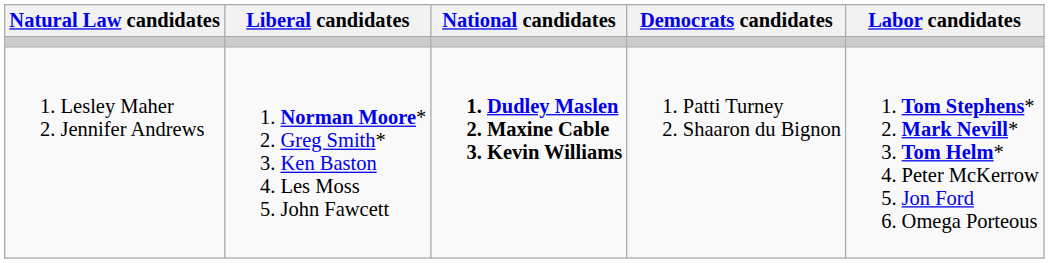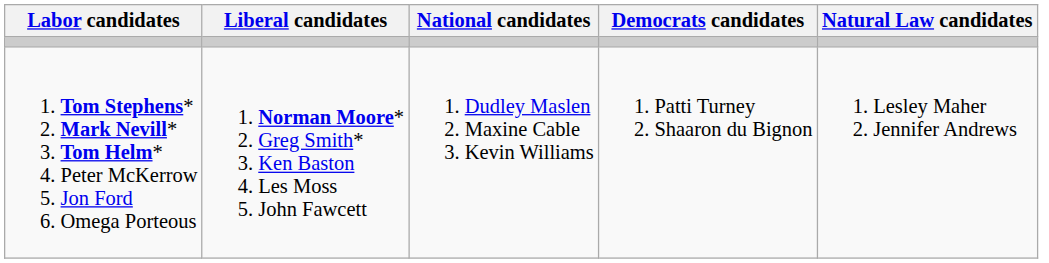 <table class="wikitable">
 <tr>
-<th><a href='#'>Natural Law</a> candidates</th>
+<th><a href='#'>Labor</a> candidates</th>
 <th><a href='#'>Liberal</a> candidates</th>
 <th><a href='#'>National</a> candidates</th>
 <th><a href='#'>Democrats</a> candidates</th>
-<th><a href='#'>Labor</a> candidates</th>
+<th><a href='#'>Natural Law</a> candidates</th>
 </tr>
 <tr bgcolor="#cccccc">
 <td></td>
 <td></td>
 <td></td>
 <td></td>
 <td></td>
 </tr>
 <tr>
+<td><br><ol><li><strong><a href='#'>Tom Stephens</a></strong>*</li><li><strong><a href='#'>Mark Nevill</a></strong>*</li><li><strong><a href='#'>Tom Helm</a></strong>*</li><li>Peter McKerrow</li><li><a href='#'>Jon Ford</a></li><li>Omega Porteous</li></ol></td>
+<td><br><ol><li><strong><a href='#'>Norman Moore</a></strong>*</li><li><a href='#'>Greg Smith</a>*</li><li><a href='#'>Ken Baston</a></li><li>Les Moss</li><li>John Fawcett</li></ol></td>
+<td valign=top><br><ol><li><a href='#'>Dudley Maslen</a></li><li>Maxine Cable</li><li>Kevin Williams</li></ol></td>
+<td valign=top><br><ol><li>Patti Turney</li><li>Shaaron du Bignon</li></ol></td>
 <td valign=top><br><ol><li>Lesley Maher</li><li>Jennifer Andrews</li></ol></td>
-<td><br><ol><li><strong><a href='#'>Norman Moore</a></strong>*</li><li><a href='#'>Greg Smith</a>*</li><li><a href='#'>Ken Baston</a></li><li>Les Moss</li><li>John Fawcett</li></ol></td>
-<td valign=top><strong><br><ol><li><a href='#'>Dudley Maslen</a></li><li>Maxine Cable</li><li>Kevin Williams</li></ol></strong></td>
-<td valign=top><br><ol><li>Patti Turney</li><li>Shaaron du Bignon</li></ol></td>
-<td><br><ol><li><strong><a href='#'>Tom Stephens</a></strong>*</li><li><strong><a href='#'>Mark Nevill</a></strong>*</li><li><strong><a href='#'>Tom Helm</a></strong>*</li><li>Peter McKerrow</li><li><a href='#'>Jon Ford</a></li><li>Omega Porteous</li></ol></td>
 </tr>
 </table>
